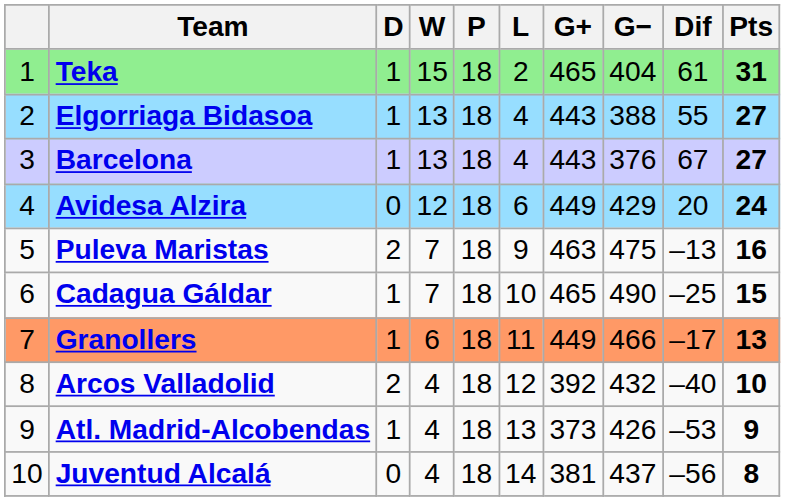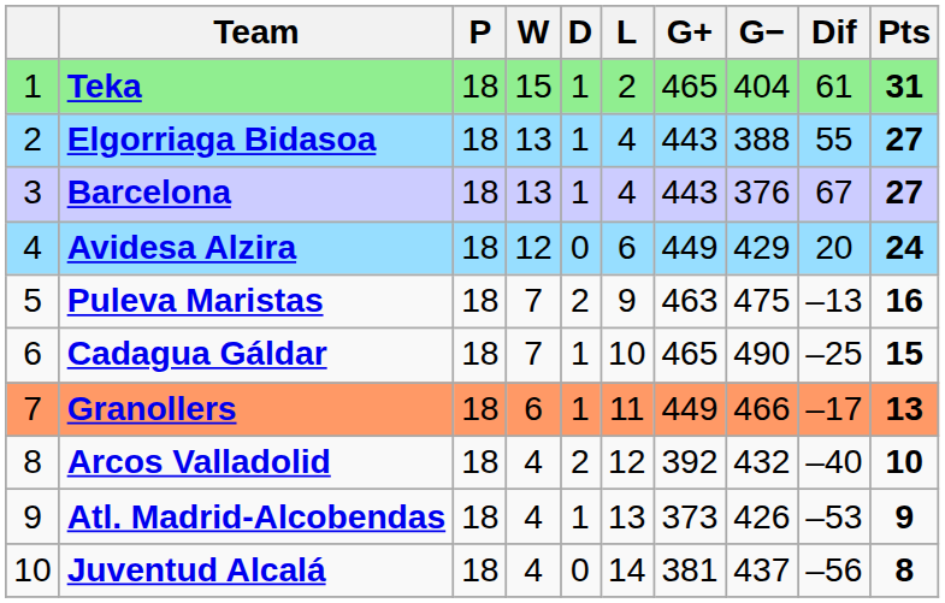 <table class="wikitable sortable" style="text-align: center;">
 <tr>
 <th align="center"></th>
 <th align="center">Team</th>
+<th align="center">P</th>
+<th align="center">W</th>
 <th align="center">D</th>
-<th align="center">W</th>
-<th align="center">P</th>
 <th align="center">L</th>
 <th align="center">G+</th>
 <th align="center">G−</th>
 <th align="center">Dif</th>
 <th align="center">Pts</th>
 </tr>
 <tr style="background: #90EE90;">
 <td>1</td>
 <td align="left"><strong><a href='#'>Teka</a></strong></td>
+<td>18</td>
+<td>15</td>
 <td>1</td>
-<td>15</td>
-<td>18</td>
 <td>2</td>
 <td>465</td>
 <td>404</td>
 <td>61</td>
 <td><strong>31</strong></td>
 </tr>
 <tr style="background: #97DEFF;">
 <td>2</td>
 <td align="left"><strong><a href='#'>Elgorriaga Bidasoa</a></strong></td>
+<td>18</td>
+<td>13</td>
 <td>1</td>
-<td>13</td>
-<td>18</td>
 <td>4</td>
 <td>443</td>
 <td>388</td>
 <td>55</td>
 <td><strong>27</strong></td>
 </tr>
 <tr style="background: #ccccff;">
 <td>3</td>
 <td align="left"><strong><a href='#'>Barcelona</a></strong></td>
+<td>18</td>
+<td>13</td>
 <td>1</td>
-<td>13</td>
-<td>18</td>
 <td>4</td>
 <td>443</td>
 <td>376</td>
 <td>67</td>
 <td><strong>27</strong></td>
 </tr>
 <tr style="background: #97DEFF;">
 <td>4</td>
 <td align="left"><strong><a href='#'>Avidesa Alzira</a></strong></td>
+<td>18</td>
+<td>12</td>
 <td>0</td>
-<td>12</td>
-<td>18</td>
 <td>6</td>
 <td>449</td>
 <td>429</td>
 <td>20</td>
 <td><strong>24</strong></td>
 </tr>
 <tr style="background:">
 <td>5</td>
 <td align="left"><strong><a href='#'>Puleva Maristas</a></strong></td>
+<td>18</td>
+<td>7</td>
 <td>2</td>
-<td>7</td>
-<td>18</td>
 <td>9</td>
 <td>463</td>
 <td>475</td>
 <td>–13</td>
 <td><strong>16</strong></td>
 </tr>
 <tr style="background:">
 <td>6</td>
 <td align="left"><strong><a href='#'>Cadagua Gáldar</a></strong></td>
+<td>18</td>
+<td>7</td>
 <td>1</td>
-<td>7</td>
-<td>18</td>
 <td>10</td>
 <td>465</td>
 <td>490</td>
 <td>–25</td>
 <td><strong>15</strong></td>
 </tr>
 <tr style="background: #FF9966;">
 <td>7</td>
 <td align="left"><strong><a href='#'>Granollers</a></strong></td>
+<td>18</td>
+<td>6</td>
 <td>1</td>
-<td>6</td>
-<td>18</td>
 <td>11</td>
 <td>449</td>
 <td>466</td>
 <td>–17</td>
 <td><strong>13</strong></td>
 </tr>
 <tr style="background:">
 <td>8</td>
 <td align="left"><strong><a href='#'>Arcos Valladolid</a></strong></td>
+<td>18</td>
+<td>4</td>
 <td>2</td>
-<td>4</td>
-<td>18</td>
 <td>12</td>
 <td>392</td>
 <td>432</td>
 <td>–40</td>
 <td><strong>10</strong></td>
 </tr>
 <tr style="background:">
 <td>9</td>
 <td align="left"><strong><a href='#'>Atl. Madrid-Alcobendas</a></strong></td>
+<td>18</td>
+<td>4</td>
 <td>1</td>
-<td>4</td>
-<td>18</td>
 <td>13</td>
 <td>373</td>
 <td>426</td>
 <td>–53</td>
 <td><strong>9</strong></td>
 </tr>
 <tr style="background:">
 <td>10</td>
 <td align="left"><strong><a href='#'>Juventud Alcalá</a></strong></td>
+<td>18</td>
+<td>4</td>
 <td>0</td>
-<td>4</td>
-<td>18</td>
 <td>14</td>
 <td>381</td>
 <td>437</td>
 <td>–56</td>
 <td><strong>8</strong></td>
 </tr>
 </table>
